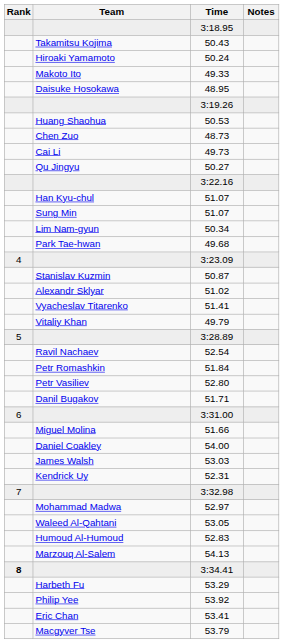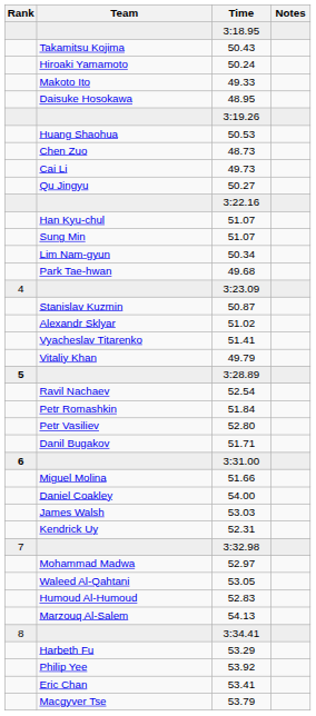 <table class="wikitable" style="text-align:center">
 <tr>
 <th width=40>Rank</th>
 <th width=250>Team</th>
 <th width=80>Time</th>
 <th width=50>Notes</th>
 </tr>
 <tr bgcolor=eeeeee>
 <td></td>
 <td align=left></td>
 <td>3:18.95</td>
 <td></td>
 </tr>
 <tr>
 <td></td>
 <td align=left><a href='#'>Takamitsu Kojima</a></td>
 <td>50.43</td>
 <td></td>
 </tr>
 <tr>
 <td></td>
 <td align=left><a href='#'>Hiroaki Yamamoto</a></td>
 <td>50.24</td>
 <td></td>
 </tr>
 <tr>
 <td></td>
 <td align=left><a href='#'>Makoto Ito</a></td>
 <td>49.33</td>
 <td></td>
 </tr>
 <tr>
 <td></td>
 <td align=left><a href='#'>Daisuke Hosokawa</a></td>
 <td>48.95</td>
 <td></td>
 </tr>
 <tr bgcolor=eeeeee>
 <td></td>
 <td align=left></td>
 <td>3:19.26</td>
 <td></td>
 </tr>
 <tr>
 <td></td>
 <td align=left><a href='#'>Huang Shaohua</a></td>
 <td>50.53</td>
 <td></td>
 </tr>
 <tr>
 <td></td>
 <td align=left><a href='#'>Chen Zuo</a></td>
 <td>48.73</td>
 <td></td>
 </tr>
 <tr>
 <td></td>
 <td align=left><a href='#'>Cai Li</a></td>
 <td>49.73</td>
 <td></td>
 </tr>
 <tr>
 <td></td>
 <td align=left><a href='#'>Qu Jingyu</a></td>
 <td>50.27</td>
 <td></td>
 </tr>
 <tr bgcolor=eeeeee>
 <td></td>
 <td align=left></td>
 <td>3:22.16</td>
 <td></td>
 </tr>
 <tr>
 <td></td>
 <td align=left><a href='#'>Han Kyu-chul</a></td>
 <td>51.07</td>
 <td></td>
 </tr>
 <tr>
 <td></td>
 <td align=left><a href='#'>Sung Min</a></td>
 <td>51.07</td>
 <td></td>
 </tr>
 <tr>
 <td></td>
 <td align=left><a href='#'>Lim Nam-gyun</a></td>
 <td>50.34</td>
 <td></td>
 </tr>
 <tr>
 <td></td>
 <td align=left><a href='#'>Park Tae-hwan</a></td>
 <td>49.68</td>
 <td></td>
 </tr>
 <tr bgcolor=eeeeee>
 <td>4</td>
 <td align=left></td>
 <td>3:23.09</td>
 <td></td>
 </tr>
 <tr>
 <td></td>
 <td align=left><a href='#'>Stanislav Kuzmin</a></td>
 <td>50.87</td>
 <td></td>
 </tr>
 <tr>
 <td></td>
 <td align=left><a href='#'>Alexandr Sklyar</a></td>
 <td>51.02</td>
 <td></td>
 </tr>
 <tr>
 <td></td>
 <td align=left><a href='#'>Vyacheslav Titarenko</a></td>
 <td>51.41</td>
 <td></td>
 </tr>
 <tr>
 <td></td>
 <td align=left><a href='#'>Vitaliy Khan</a></td>
 <td>49.79</td>
 <td></td>
 </tr>
 <tr bgcolor=eeeeee>
-<td>5</td>
+<td><strong>5</strong></td>
 <td align=left></td>
 <td>3:28.89</td>
 <td></td>
 </tr>
 <tr>
 <td></td>
 <td align=left><a href='#'>Ravil Nachaev</a></td>
 <td>52.54</td>
 <td></td>
 </tr>
 <tr>
 <td></td>
 <td align=left><a href='#'>Petr Romashkin</a></td>
 <td>51.84</td>
 <td></td>
 </tr>
 <tr>
 <td></td>
 <td align=left><a href='#'>Petr Vasiliev</a></td>
 <td>52.80</td>
 <td></td>
 </tr>
 <tr>
 <td></td>
 <td align=left><a href='#'>Danil Bugakov</a></td>
 <td>51.71</td>
 <td></td>
 </tr>
 <tr bgcolor=eeeeee>
-<td>6</td>
+<td><strong>6</strong></td>
 <td align=left></td>
 <td>3:31.00</td>
 <td></td>
 </tr>
 <tr>
 <td></td>
 <td align=left><a href='#'>Miguel Molina</a></td>
 <td>51.66</td>
 <td></td>
 </tr>
 <tr>
 <td></td>
 <td align=left><a href='#'>Daniel Coakley</a></td>
 <td>54.00</td>
 <td></td>
 </tr>
 <tr>
 <td></td>
 <td align=left><a href='#'>James Walsh</a></td>
 <td>53.03</td>
 <td></td>
 </tr>
 <tr>
 <td></td>
 <td align=left><a href='#'>Kendrick Uy</a></td>
 <td>52.31</td>
 <td></td>
 </tr>
 <tr bgcolor=eeeeee>
 <td>7</td>
 <td align=left></td>
 <td>3:32.98</td>
 <td></td>
 </tr>
 <tr>
 <td></td>
 <td align=left><a href='#'>Mohammad Madwa</a></td>
 <td>52.97</td>
 <td></td>
 </tr>
 <tr>
 <td></td>
 <td align=left><a href='#'>Waleed Al-Qahtani</a></td>
 <td>53.05</td>
 <td></td>
 </tr>
 <tr>
 <td></td>
 <td align=left><a href='#'>Humoud Al-Humoud</a></td>
 <td>52.83</td>
 <td></td>
 </tr>
 <tr>
 <td></td>
 <td align=left><a href='#'>Marzouq Al-Salem</a></td>
 <td>54.13</td>
 <td></td>
 </tr>
 <tr bgcolor=eeeeee>
-<td><strong>8</strong></td>
+<td>8</td>
 <td align=left></td>
 <td>3:34.41</td>
 <td></td>
 </tr>
 <tr>
 <td></td>
 <td align=left><a href='#'>Harbeth Fu</a></td>
 <td>53.29</td>
 <td></td>
 </tr>
 <tr>
 <td></td>
 <td align=left><a href='#'>Philip Yee</a></td>
 <td>53.92</td>
 <td></td>
 </tr>
 <tr>
 <td></td>
 <td align=left><a href='#'>Eric Chan</a></td>
 <td>53.41</td>
 <td></td>
 </tr>
 <tr>
 <td></td>
 <td align=left><a href='#'>Macgyver Tse</a></td>
 <td>53.79</td>
 <td></td>
 </tr>
 </table>
